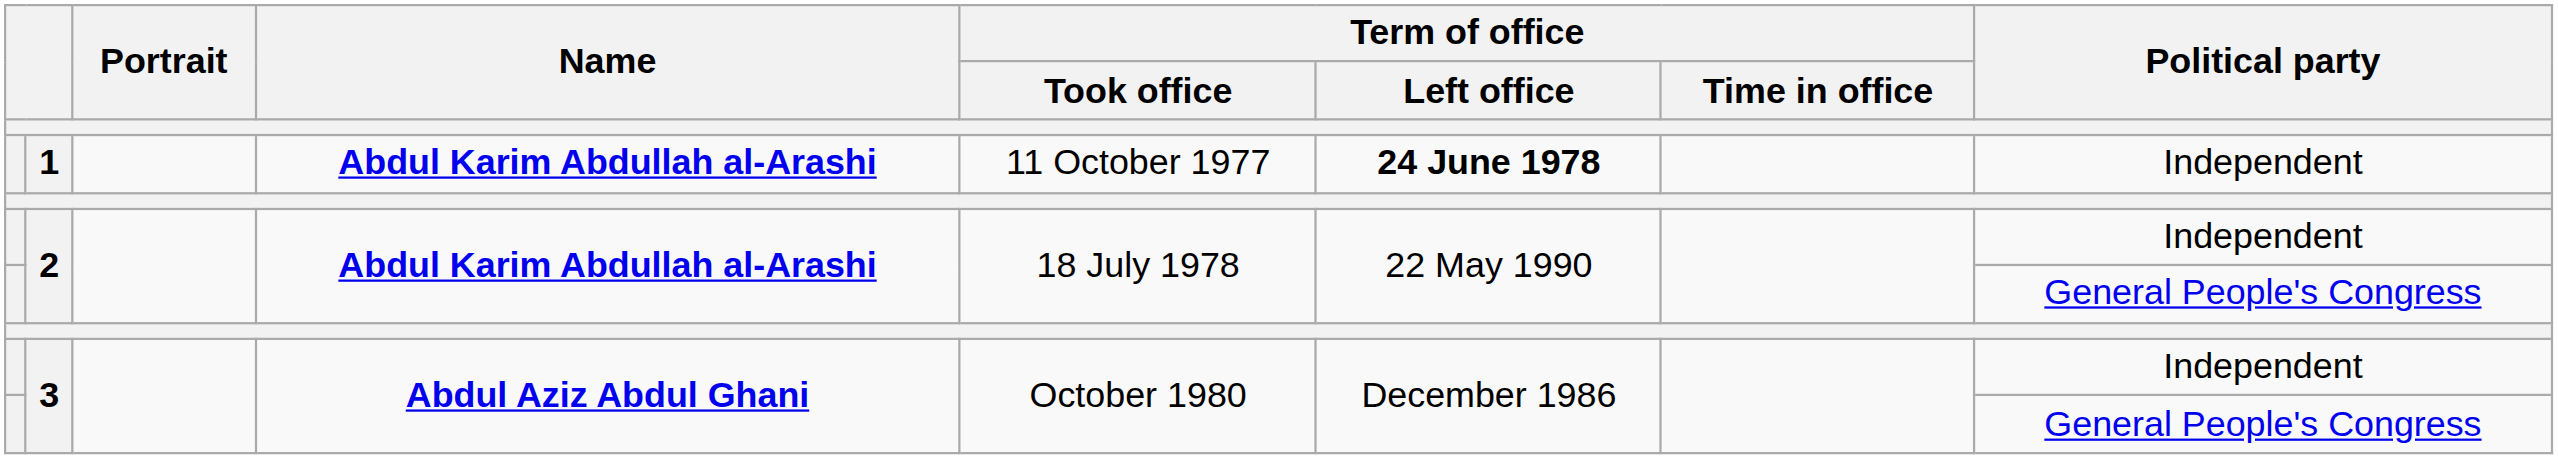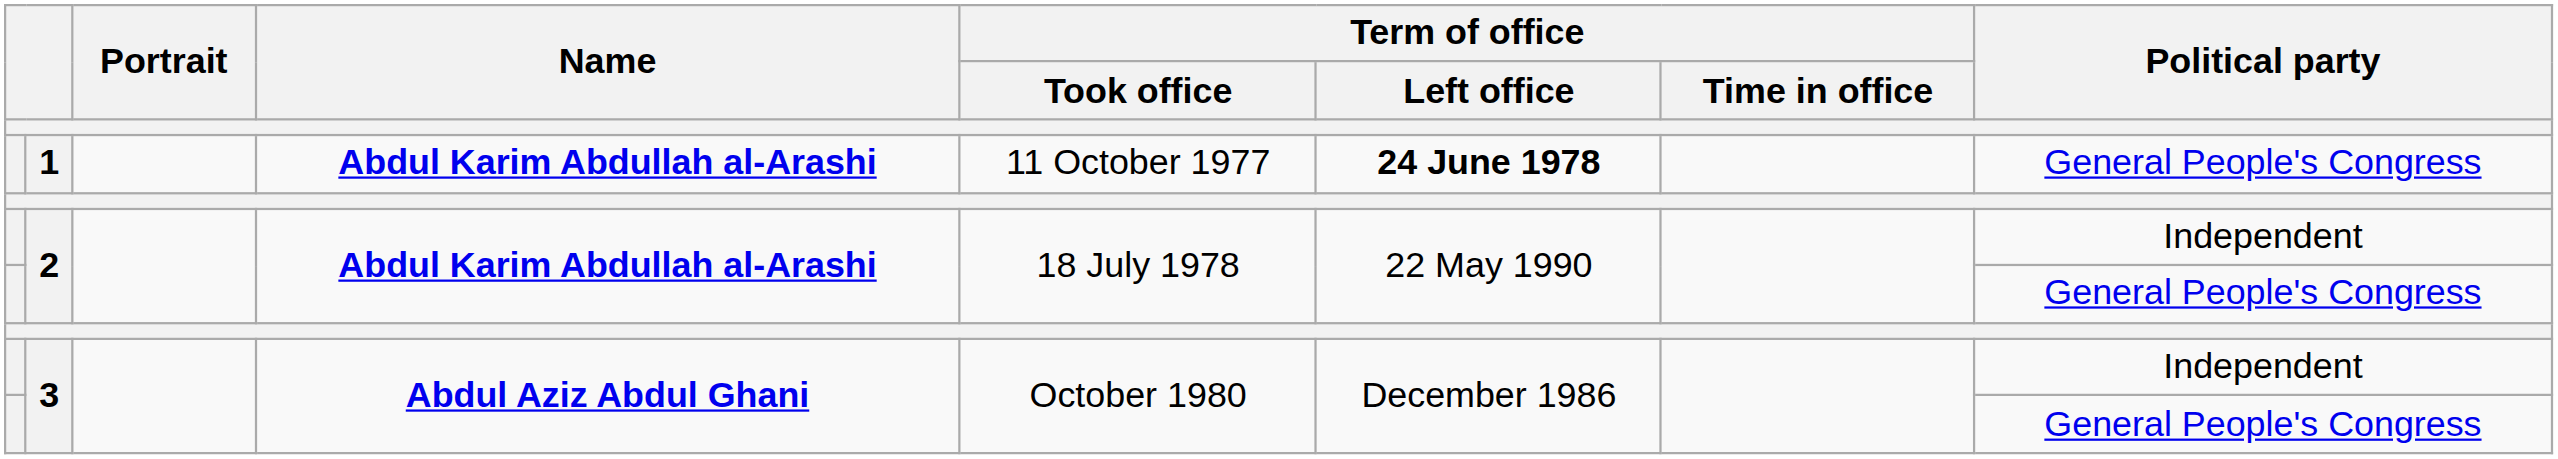 <table class="wikitable" style="text-align:center; border:1px #aaf solid; width:90%;">
 <tr>
 <th rowspan="2" colspan="2"></th>
 <th rowspan="2">Portrait</th>
 <th rowspan="2">Name<br></th>
 <th colspan="3">Term of office</th>
 <th rowspan="2">Political party</th>
 </tr>
 <tr>
 <th>Took office</th>
 <th>Left office</th>
 <th>Time in office</th>
 </tr>
 <tr>
 <th colspan=8></th>
 </tr>
 <tr>
 <th style="background:"></th>
 <th>1</th>
 <td></td>
 <td><strong><a href='#'>Abdul Karim Abdullah al-Arashi</a></strong><br></td>
 <td>11 October 1977</td>
 <td><strong>24 June 1978</strong></td>
 <td></td>
-<td>Independent</td>
+<td><a href='#'>General People's Congress</a></td>
 </tr>
 <tr>
 <th colspan=8></th>
 </tr>
 <tr>
 <th style="background:"></th>
 <th rowspan=2>2</th>
 <td rowspan=2></td>
 <td rowspan=2><strong><a href='#'>Abdul Karim Abdullah al-Arashi</a></strong><br></td>
 <td rowspan=2>18 July 1978</td>
 <td rowspan=2>22 May 1990</td>
 <td rowspan=2></td>
 <td>Independent<br></td>
 </tr>
 <tr>
 <th style="background:"></th>
 <td><a href='#'>General People's Congress</a></td>
 </tr>
 <tr>
 <th colspan=8></th>
 </tr>
 <tr>
 <th style="background:"></th>
 <th rowspan=2>3</th>
 <td rowspan=2></td>
 <td rowspan=2><strong><a href='#'>Abdul Aziz Abdul Ghani</a></strong><br></td>
 <td rowspan=2>October 1980</td>
 <td rowspan=2>December 1986</td>
 <td rowspan=2></td>
 <td>Independent<br></td>
 </tr>
 <tr>
 <th style="background:"></th>
 <td><a href='#'>General People's Congress</a></td>
 </tr>
 </table>
